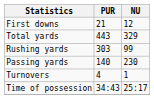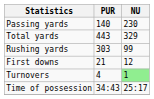 <table class="wikitable">
 <tr>
 <th>Statistics</th>
 <th>PUR</th>
 <th>NU</th>
 </tr>
 <tr>
-<td>First downs</td>
-<td>21</td>
-<td>12</td>
+<td>Passing yards</td>
+<td>140</td>
+<td>230</td>
 </tr>
 <tr>
 <td>Total yards</td>
 <td>443</td>
 <td>329</td>
 </tr>
 <tr>
 <td>Rushing yards</td>
 <td>303</td>
 <td>99</td>
 </tr>
 <tr>
-<td>Passing yards</td>
-<td>140</td>
-<td>230</td>
+<td>First downs</td>
+<td>21</td>
+<td>12</td>
 </tr>
 <tr>
 <td>Turnovers</td>
 <td>4</td>
-<td>1</td>
+<td style="background: lightgreen;">1</td>
 </tr>
 <tr>
 <td>Time of possession</td>
 <td>34:43</td>
 <td>25:17</td>
 </tr>
 <tr>
 </tr>
 </table>
